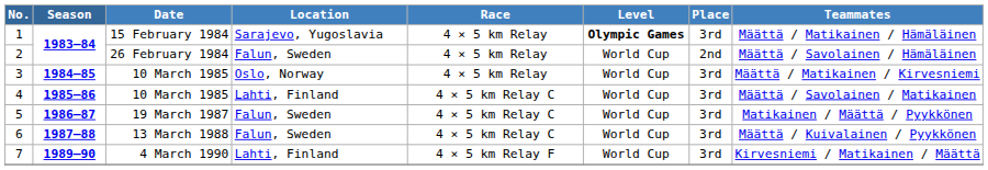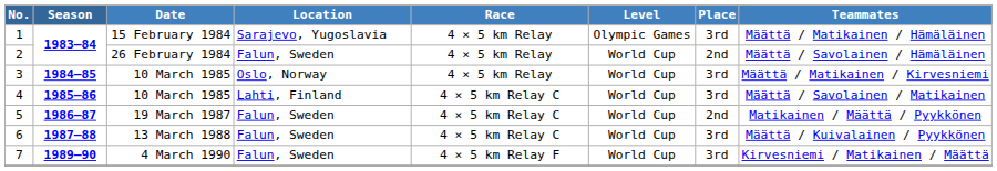 <table class="wikitable sortable" style="font-size:95%; text-align:center; border:grey solid 1px; border-collapse:collapse; background:#ffffff;">
 <tr style="background:#efefef;">
 <th style="background-color:#369; color:white;">No.</th>
 <th style="background-color:#369; color:white;">Season</th>
 <th style="background-color:#4180be; color:white; width:120px;">Date</th>
 <th style="background-color:#4180be; color:white; width:170px;">Location</th>
 <th style="background-color:#4180be; color:white; width:170px;">Race</th>
 <th style="background-color:#4180be; color:white; width:100px;">Level</th>
 <th style="background-color:#4180be; color:white;">Place</th>
 <th style="background-color:#4180be; color:white;">Teammates</th>
 </tr>
 <tr>
 <td align=center>1</td>
 <td rowspan=2 align=center><strong> <a href='#'>1983–84</a> </strong></td>
 <td align=right>15 February 1984</td>
 <td align=left> <a href='#'>Sarajevo</a>, Yugoslavia</td>
 <td>4 × 5 km Relay</td>
-<td><strong>Olympic Games</strong></td>
+<td>Olympic Games</td>
 <td>3rd</td>
 <td><a href='#'>Määttä</a> / <a href='#'>Matikainen</a> / <a href='#'>Hämäläinen</a></td>
 </tr>
 <tr>
 <td align=center>2</td>
 <td align=right>26 February 1984</td>
 <td align=left> <a href='#'>Falun</a>, Sweden</td>
 <td>4 × 5 km Relay</td>
 <td>World Cup</td>
 <td>2nd</td>
 <td><a href='#'>Määttä</a> / <a href='#'>Savolainen</a> / <a href='#'>Hämäläinen</a></td>
 </tr>
 <tr>
 <td align=center>3</td>
 <td rowspan=1 align=center><strong> <a href='#'>1984–85</a> </strong></td>
 <td align=right>10 March 1985</td>
 <td align=left> <a href='#'>Oslo</a>, Norway</td>
 <td>4 × 5 km Relay</td>
 <td>World Cup</td>
 <td>3rd</td>
 <td><a href='#'>Määttä</a> / <a href='#'>Matikainen</a> / <a href='#'>Kirvesniemi</a></td>
 </tr>
 <tr>
 <td align=center>4</td>
 <td rowspan=1 align=center><strong> <a href='#'>1985–86</a> </strong></td>
 <td align=right>10 March 1985</td>
 <td align=left> <a href='#'>Lahti</a>, Finland</td>
 <td>4 × 5 km Relay C</td>
 <td>World Cup</td>
 <td>3rd</td>
 <td><a href='#'>Määttä</a> / <a href='#'>Savolainen</a> / <a href='#'>Matikainen</a></td>
 </tr>
 <tr>
 <td align=center>5</td>
 <td rowspan=1 align=center><strong> <a href='#'>1986–87</a> </strong></td>
 <td align=right>19 March 1987</td>
 <td align=left> <a href='#'>Falun</a>, Sweden</td>
 <td>4 × 5 km Relay C</td>
 <td>World Cup</td>
-<td>3rd</td>
+<td>2nd</td>
 <td><a href='#'>Matikainen</a> / <a href='#'>Määttä</a> / <a href='#'>Pyykkönen</a></td>
 </tr>
 <tr>
 <td align=center>6</td>
 <td rowspan=1 align=center><strong> <a href='#'>1987–88</a> </strong></td>
 <td align=right>13 March 1988</td>
 <td align=left> <a href='#'>Falun</a>, Sweden</td>
 <td>4 × 5 km Relay C</td>
 <td>World Cup</td>
 <td>3rd</td>
 <td><a href='#'>Määttä</a> / <a href='#'>Kuivalainen</a> / <a href='#'>Pyykkönen</a></td>
 </tr>
 <tr>
 <td align=center>7</td>
 <td rowspan=1 align=center><strong> <a href='#'>1989–90</a> </strong></td>
 <td align=right>4 March 1990</td>
-<td align=left> <a href='#'>Lahti</a>, Finland</td>
+<td align=left> <a href='#'>Falun</a>, Sweden</td>
 <td>4 × 5 km Relay F</td>
 <td>World Cup</td>
 <td>3rd</td>
 <td><a href='#'>Kirvesniemi</a> / <a href='#'>Matikainen</a> / <a href='#'>Määttä</a></td>
 </tr>
 <tr>
 </tr>
 </table>
